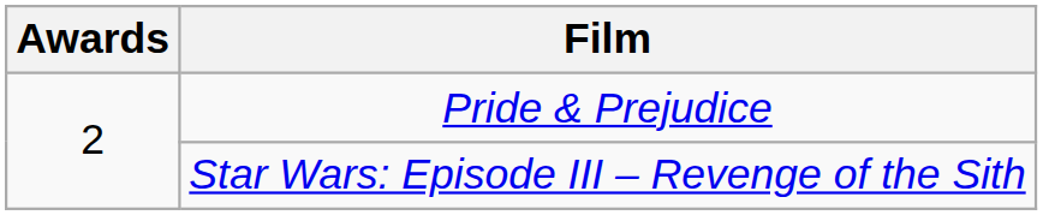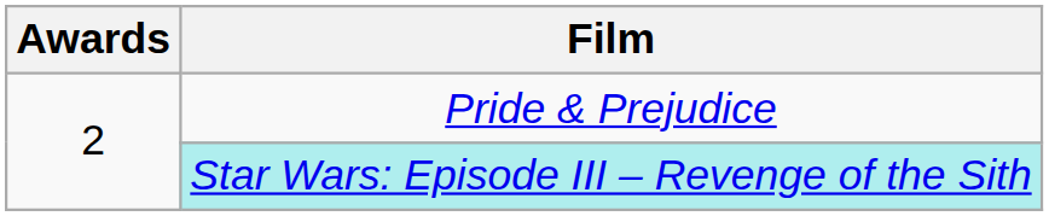 <table class="wikitable" style="text-align: center">
 <tr>
 <th scope="col" width="55">Awards</th>
 <th scope="col">Film</th>
 </tr>
 <tr>
 <td rowspan=2>2</td>
 <td><em><a href='#'>Pride & Prejudice</a></em></td>
 </tr>
 <tr>
-<td><em><a href='#'>Star Wars: Episode III – Revenge of the Sith</a></em></td>
+<td style="background: paleturquoise;"><em><a href='#'>Star Wars: Episode III – Revenge of the Sith</a></em></td>
 </tr>
 </table>
